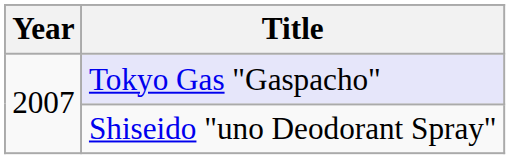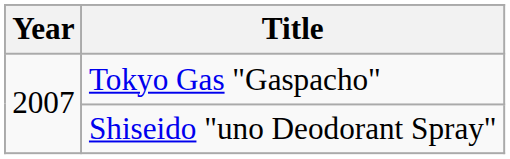 <table class="wikitable">
 <tr>
 <th>Year</th>
 <th>Title</th>
 </tr>
 <tr>
 <td rowspan="2">2007</td>
-<td style="background: lavender;"><a href='#'>Tokyo Gas</a> "Gaspacho"</td>
+<td><a href='#'>Tokyo Gas</a> "Gaspacho"</td>
 </tr>
 <tr>
 <td><a href='#'>Shiseido</a> "uno Deodorant Spray"</td>
 </tr>
 </table>
